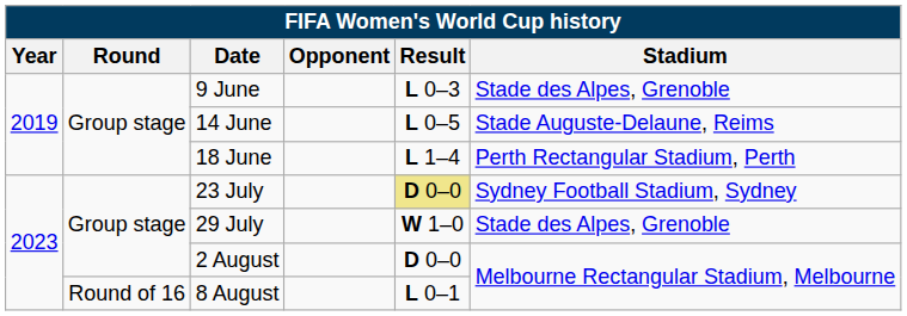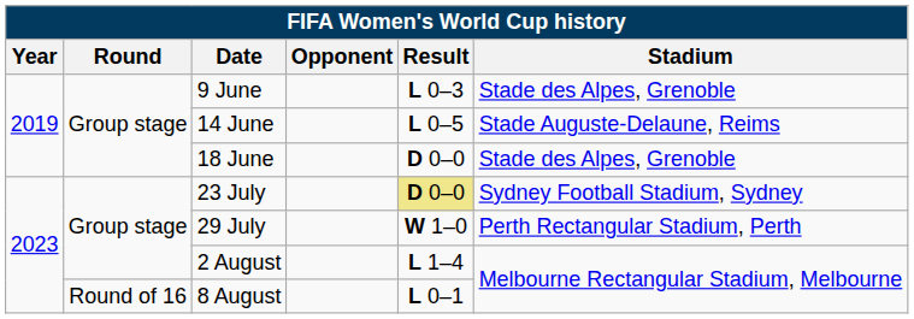 <table class="wikitable" style="text-align: center;font-size:100%;">
 <tr>
 <th colspan=6 style="background: #013A5E; color: #FFFFFF;">FIFA Women's World Cup history</th>
 </tr>
 <tr>
 <th>Year</th>
 <th>Round</th>
 <th>Date</th>
 <th>Opponent</th>
 <th>Result</th>
 <th>Stadium</th>
 </tr>
 <tr>
 <td rowspan=3> <a href='#'>2019</a></td>
 <td rowspan=3>Group stage</td>
 <td align="left">9 June</td>
 <td align="left"></td>
 <td><strong>L</strong> 0–3</td>
 <td align="left"><a href='#'>Stade des Alpes</a>, <a href='#'>Grenoble</a></td>
 </tr>
 <tr>
 <td align="left">14 June</td>
 <td align="left"></td>
 <td><strong>L</strong> 0–5</td>
 <td align="left"><a href='#'>Stade Auguste-Delaune</a>, <a href='#'>Reims</a></td>
 </tr>
 <tr>
 <td align="left">18 June</td>
 <td align="left"></td>
-<td><strong>L</strong> 1–4</td>
-<td align="left"><a href='#'>Perth Rectangular Stadium</a>, <a href='#'>Perth</a></td>
+<td><strong>D</strong> 0–0</td>
+<td align="left"><a href='#'>Stade des Alpes</a>, <a href='#'>Grenoble</a></td>
 </tr>
 <tr>
 <td rowspan=4>  <a href='#'>2023</a></td>
 <td rowspan=3>Group stage</td>
 <td align="left">23 July</td>
 <td align="left"></td>
 <td style="background: khaki;"><strong>D</strong> 0–0</td>
 <td align="left"><a href='#'>Sydney Football Stadium</a>, <a href='#'>Sydney</a></td>
 </tr>
 <tr>
 <td align="left">29 July</td>
 <td align="left"></td>
 <td><strong>W</strong> 1–0</td>
-<td align="left"><a href='#'>Stade des Alpes</a>, <a href='#'>Grenoble</a></td>
+<td align="left"><a href='#'>Perth Rectangular Stadium</a>, <a href='#'>Perth</a></td>
 </tr>
 <tr>
 <td align="left">2 August</td>
 <td align="left"></td>
-<td><strong>D</strong> 0–0</td>
+<td><strong>L</strong> 1–4</td>
 <td rowspan=2 align="left"><a href='#'>Melbourne Rectangular Stadium</a>, <a href='#'>Melbourne</a></td>
 </tr>
 <tr>
 <td>Round of 16</td>
 <td align="left">8 August</td>
 <td align="left"></td>
 <td><strong>L</strong> 0–1</td>
 </tr>
 </table>
